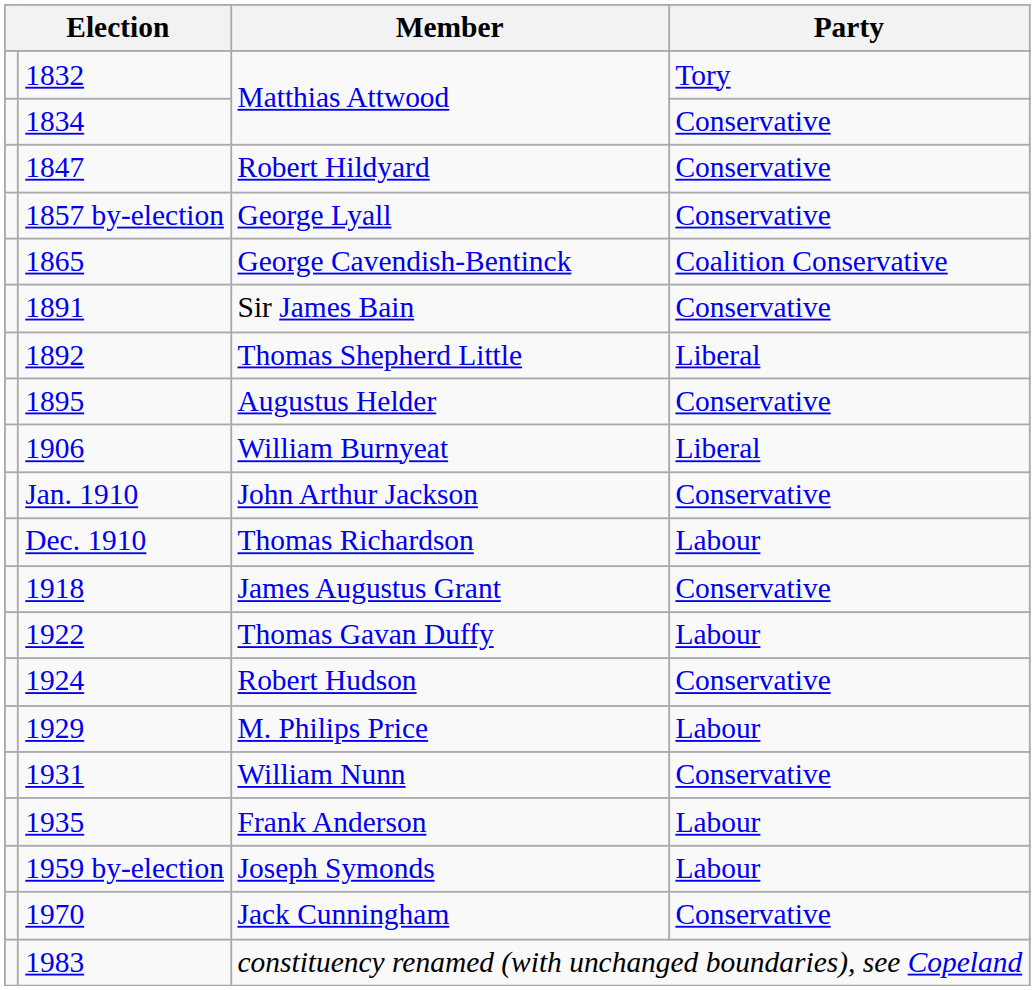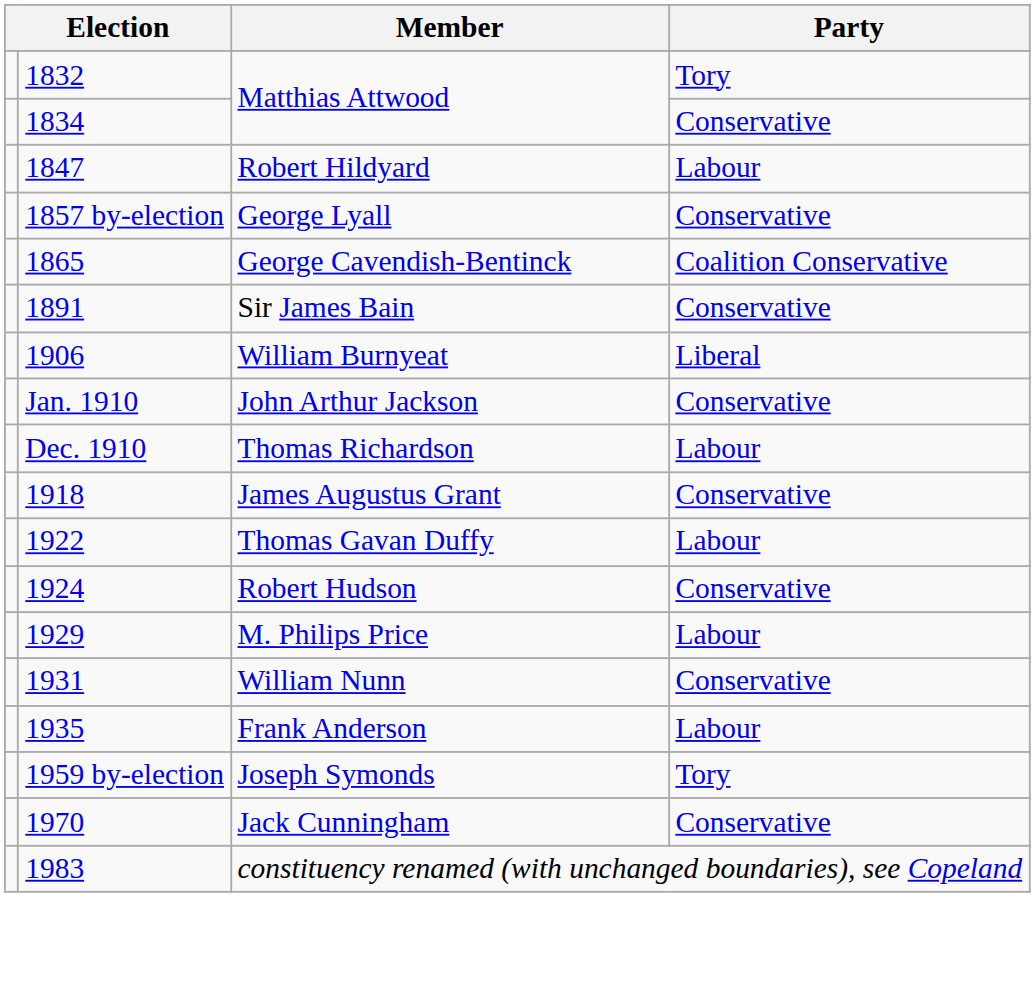 <table class="wikitable">
 <tr>
 <th colspan="2">Election</th>
 <th>Member</th>
 <th>Party</th>
 </tr>
 <tr>
 <td style="color:inherit;background-color: "></td>
 <td><a href='#'>1832</a></td>
 <td rowspan="2"><a href='#'>Matthias Attwood</a></td>
 <td><a href='#'>Tory</a></td>
 </tr>
 <tr>
 <td style="color:inherit;background-color: "></td>
 <td><a href='#'>1834</a></td>
 <td><a href='#'>Conservative</a></td>
 </tr>
 <tr>
 <td style="color:inherit;background-color: "></td>
 <td><a href='#'>1847</a></td>
 <td><a href='#'>Robert Hildyard</a></td>
-<td><a href='#'>Conservative</a></td>
+<td><a href='#'>Labour</a></td>
 </tr>
 <tr>
 <td style="color:inherit;background-color: "></td>
 <td><a href='#'>1857 by-election</a></td>
 <td><a href='#'>George Lyall</a></td>
 <td><a href='#'>Conservative</a></td>
 </tr>
 <tr>
 <td style="color:inherit;background-color: "></td>
 <td><a href='#'>1865</a></td>
 <td><a href='#'>George Cavendish-Bentinck</a></td>
 <td><a href='#'>Coalition Conservative</a></td>
 </tr>
 <tr>
 <td style="color:inherit;background-color: "></td>
 <td><a href='#'>1891</a></td>
 <td>Sir <a href='#'>James Bain</a></td>
-<td><a href='#'>Conservative</a></td>
-</tr>
-<tr>
-<td style="color:inherit;background-color: "></td>
-<td><a href='#'>1892</a></td>
-<td><a href='#'>Thomas Shepherd Little</a></td>
-<td><a href='#'>Liberal</a></td>
-</tr>
-<tr>
-<td style="color:inherit;background-color: "></td>
-<td><a href='#'>1895</a></td>
-<td><a href='#'>Augustus Helder</a></td>
 <td><a href='#'>Conservative</a></td>
 </tr>
 <tr>
 <td style="color:inherit;background-color: "></td>
 <td><a href='#'>1906</a></td>
 <td><a href='#'>William Burnyeat</a></td>
 <td><a href='#'>Liberal</a></td>
 </tr>
 <tr>
 <td style="color:inherit;background-color: "></td>
 <td><a href='#'>Jan. 1910</a></td>
 <td><a href='#'>John Arthur Jackson</a></td>
 <td><a href='#'>Conservative</a></td>
 </tr>
 <tr>
 <td style="color:inherit;background-color: "></td>
 <td><a href='#'>Dec. 1910</a></td>
 <td><a href='#'>Thomas Richardson</a></td>
 <td><a href='#'>Labour</a></td>
 </tr>
 <tr>
 <td style="color:inherit;background-color: "></td>
 <td><a href='#'>1918</a></td>
 <td><a href='#'>James Augustus Grant</a></td>
 <td><a href='#'>Conservative</a></td>
 </tr>
 <tr>
 <td style="color:inherit;background-color: "></td>
 <td><a href='#'>1922</a></td>
 <td><a href='#'>Thomas Gavan Duffy</a></td>
 <td><a href='#'>Labour</a></td>
 </tr>
 <tr>
 <td style="color:inherit;background-color: "></td>
 <td><a href='#'>1924</a></td>
 <td><a href='#'>Robert Hudson</a></td>
 <td><a href='#'>Conservative</a></td>
 </tr>
 <tr>
 <td style="color:inherit;background-color: "></td>
 <td><a href='#'>1929</a></td>
 <td><a href='#'>M. Philips Price</a></td>
 <td><a href='#'>Labour</a></td>
 </tr>
 <tr>
 <td style="color:inherit;background-color: "></td>
 <td><a href='#'>1931</a></td>
 <td><a href='#'>William Nunn</a></td>
 <td><a href='#'>Conservative</a></td>
 </tr>
 <tr>
 <td style="color:inherit;background-color: "></td>
 <td><a href='#'>1935</a></td>
 <td><a href='#'>Frank Anderson</a></td>
 <td><a href='#'>Labour</a></td>
 </tr>
 <tr>
 <td style="color:inherit;background-color: "></td>
 <td><a href='#'>1959 by-election</a></td>
 <td><a href='#'>Joseph Symonds</a></td>
-<td><a href='#'>Labour</a></td>
+<td><a href='#'>Tory</a></td>
 </tr>
 <tr>
 <td style="color:inherit;background-color: "></td>
 <td><a href='#'>1970</a></td>
 <td><a href='#'>Jack Cunningham</a></td>
 <td><a href='#'>Conservative</a></td>
 </tr>
 <tr>
 <td></td>
 <td><a href='#'>1983</a></td>
 <td colspan="2"><em>constituency renamed (with unchanged boundaries), see <a href='#'>Copeland</a></em></td>
 </tr>
 </table>
